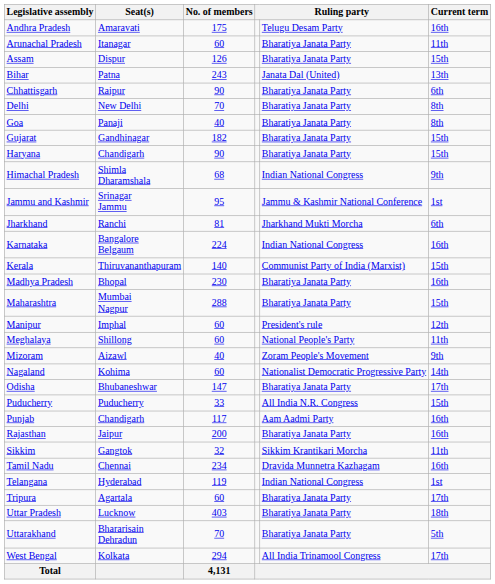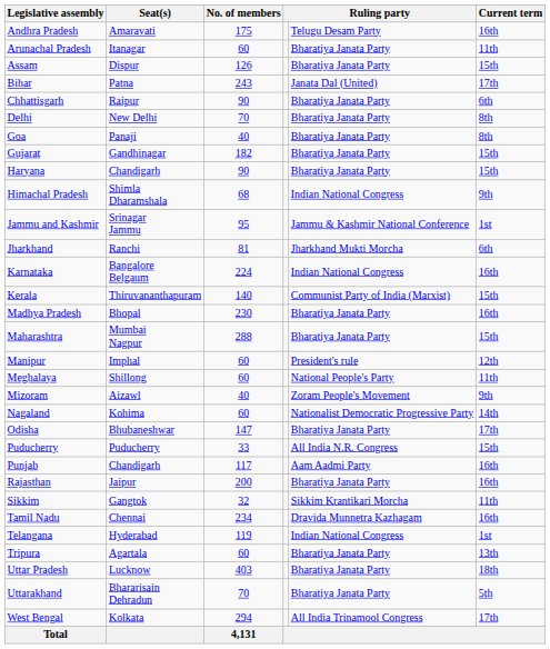 <table class="wikitable sortable" style="text-align:left;"style="font-size: 90%">
 <tr>
 <th>Legislative assembly</th>
 <th>Seat(s)</th>
 <th>No. of members</th>
 <th colspan="2">Ruling party</th>
 <th>Current term</th>
 </tr>
 <tr>
 <td><a href='#'>Andhra Pradesh</a></td>
 <td><a href='#'>Amaravati</a></td>
 <td align="center"><a href='#'>175</a></td>
 <td style="background-color: "></td>
 <td><a href='#'>Telugu Desam Party</a></td>
 <td><a href='#'>16th</a></td>
 </tr>
 <tr>
 <td><a href='#'>Arunachal Pradesh</a></td>
 <td><a href='#'>Itanagar</a></td>
 <td align="center"><a href='#'>60</a></td>
 <td style="background-color: "></td>
 <td><a href='#'>Bharatiya Janata Party</a></td>
 <td><a href='#'>11th</a></td>
 </tr>
 <tr>
 <td><a href='#'>Assam</a></td>
 <td><a href='#'>Dispur</a></td>
 <td align="center"><a href='#'>126</a></td>
 <td style="background-color: "></td>
 <td><a href='#'>Bharatiya Janata Party</a></td>
 <td><a href='#'>15th</a></td>
 </tr>
 <tr>
 <td><a href='#'>Bihar</a></td>
 <td><a href='#'>Patna</a></td>
 <td align="center"><a href='#'>243</a></td>
 <td style="background-color: "></td>
 <td><a href='#'>Janata Dal (United)</a></td>
-<td><a href='#'>13th</a></td>
+<td><a href='#'>17th</a></td>
 </tr>
 <tr>
 <td><a href='#'>Chhattisgarh</a></td>
 <td><a href='#'>Raipur</a></td>
 <td align="center"><a href='#'>90</a></td>
 <td style="background-color: "></td>
 <td><a href='#'>Bharatiya Janata Party</a></td>
 <td><a href='#'>6th</a></td>
 </tr>
 <tr>
 <td><a href='#'>Delhi</a></td>
 <td><a href='#'>New Delhi</a></td>
 <td align="center"><a href='#'>70</a></td>
 <td style="background-color: "></td>
 <td><a href='#'>Bharatiya Janata Party</a></td>
 <td><a href='#'>8th</a></td>
 </tr>
 <tr>
 <td><a href='#'>Goa</a></td>
 <td><a href='#'>Panaji</a></td>
 <td align="center"><a href='#'>40</a></td>
 <td style="background-color: "></td>
 <td><a href='#'>Bharatiya Janata Party</a></td>
 <td><a href='#'>8th</a></td>
 </tr>
 <tr>
 <td><a href='#'>Gujarat</a></td>
 <td><a href='#'>Gandhinagar</a></td>
 <td align="center"><a href='#'>182</a></td>
 <td style="background-color: "></td>
 <td><a href='#'>Bharatiya Janata Party</a></td>
 <td><a href='#'>15th</a></td>
 </tr>
 <tr>
 <td><a href='#'>Haryana</a></td>
 <td><a href='#'>Chandigarh</a></td>
 <td align="center"><a href='#'>90</a></td>
 <td style="background-color: "></td>
 <td><a href='#'>Bharatiya Janata Party</a></td>
 <td><a href='#'>15th</a></td>
 </tr>
 <tr>
 <td><a href='#'>Himachal Pradesh</a></td>
 <td><a href='#'>Shimla</a> <br><a href='#'>Dharamshala</a> </td>
 <td align="center"><a href='#'>68</a></td>
 <td style="background-color: "></td>
 <td><a href='#'>Indian National Congress</a></td>
 <td><a href='#'>9th</a></td>
 </tr>
 <tr>
 <td><a href='#'>Jammu and Kashmir</a></td>
 <td><a href='#'>Srinagar</a> <br><a href='#'>Jammu</a> </td>
 <td align="center"><a href='#'>95</a></td>
 <td style="background-color: "></td>
 <td><a href='#'>Jammu & Kashmir National Conference</a></td>
 <td><a href='#'>1st</a></td>
 </tr>
 <tr>
 <td><a href='#'>Jharkhand</a></td>
 <td><a href='#'>Ranchi</a></td>
 <td align="center"><a href='#'>81</a></td>
 <td style="background-color:  "></td>
 <td><a href='#'>Jharkhand Mukti Morcha</a></td>
 <td><a href='#'>6th</a></td>
 </tr>
 <tr>
 <td><a href='#'>Karnataka</a></td>
 <td><a href='#'>Bangalore</a> <br><a href='#'>Belgaum</a> </td>
 <td align="center"><a href='#'>224</a></td>
 <td style="background-color: "></td>
 <td><a href='#'>Indian National Congress</a></td>
 <td><a href='#'>16th</a></td>
 </tr>
 <tr>
 <td><a href='#'>Kerala</a></td>
 <td><a href='#'>Thiruvananthapuram</a></td>
 <td align="center"><a href='#'>140</a></td>
 <td style="background-color: "></td>
 <td><a href='#'>Communist Party of India (Marxist)</a></td>
 <td><a href='#'>15th</a></td>
 </tr>
 <tr>
 <td><a href='#'>Madhya Pradesh</a></td>
 <td><a href='#'>Bhopal</a></td>
 <td align="center"><a href='#'>230</a></td>
 <td style="background-color: "></td>
 <td><a href='#'>Bharatiya Janata Party</a></td>
 <td><a href='#'>16th</a></td>
 </tr>
 <tr>
 <td><a href='#'>Maharashtra</a></td>
 <td><a href='#'>Mumbai</a> <br><a href='#'>Nagpur</a> </td>
 <td align="center"><a href='#'>288</a></td>
 <td style="background-color: "></td>
 <td><a href='#'>Bharatiya Janata Party</a></td>
 <td><a href='#'>15th</a></td>
 </tr>
 <tr>
 <td><a href='#'>Manipur</a></td>
 <td><a href='#'>Imphal</a></td>
 <td align="center"><a href='#'>60</a></td>
 <td style="background-color: "></td>
 <td><a href='#'>President's rule</a></td>
 <td><a href='#'>12th</a></td>
 </tr>
 <tr>
 <td><a href='#'>Meghalaya</a></td>
 <td><a href='#'>Shillong</a></td>
 <td align="center"><a href='#'>60</a></td>
 <td style="background-color: "></td>
 <td><a href='#'>National People's Party</a></td>
 <td><a href='#'>11th</a></td>
 </tr>
 <tr>
 <td><a href='#'>Mizoram</a></td>
 <td><a href='#'>Aizawl</a></td>
 <td align="center"><a href='#'>40</a></td>
 <td style="background-color: "></td>
 <td><a href='#'>Zoram People's Movement</a></td>
 <td><a href='#'>9th</a></td>
 </tr>
 <tr>
 <td><a href='#'>Nagaland</a></td>
 <td><a href='#'>Kohima</a></td>
 <td align="center"><a href='#'>60</a></td>
 <td style="background-color: "></td>
 <td><a href='#'>Nationalist Democratic Progressive Party</a></td>
 <td><a href='#'>14th</a></td>
 </tr>
 <tr>
 <td><a href='#'>Odisha</a></td>
 <td><a href='#'>Bhubaneshwar</a></td>
 <td align="center"><a href='#'>147</a></td>
 <td style="background-color: "></td>
 <td><a href='#'>Bharatiya Janata Party</a></td>
 <td><a href='#'>17th</a></td>
 </tr>
 <tr>
 <td><a href='#'>Puducherry</a></td>
 <td><a href='#'>Puducherry</a></td>
 <td align="center"><a href='#'>33</a></td>
 <td style="background-color: "></td>
 <td><a href='#'>All India N.R. Congress</a></td>
 <td><a href='#'>15th</a></td>
 </tr>
 <tr>
 <td><a href='#'>Punjab</a></td>
 <td><a href='#'>Chandigarh</a></td>
 <td align="center"><a href='#'>117</a></td>
 <td style="background-color: "></td>
 <td><a href='#'>Aam Aadmi Party</a></td>
 <td><a href='#'>16th</a></td>
 </tr>
 <tr>
 <td><a href='#'>Rajasthan</a></td>
 <td><a href='#'>Jaipur</a></td>
 <td align="center"><a href='#'>200</a></td>
 <td style="background-color: "></td>
 <td><a href='#'>Bharatiya Janata Party</a></td>
 <td><a href='#'>16th</a></td>
 </tr>
 <tr>
 <td><a href='#'>Sikkim</a></td>
 <td><a href='#'>Gangtok</a></td>
 <td align="center"><a href='#'>32</a></td>
 <td style="background-color: "></td>
 <td><a href='#'>Sikkim Krantikari Morcha</a></td>
 <td><a href='#'>11th</a></td>
 </tr>
 <tr>
 <td><a href='#'>Tamil Nadu</a></td>
 <td><a href='#'>Chennai</a></td>
 <td align="center"><a href='#'>234</a></td>
 <td style="background-color: "></td>
 <td><a href='#'>Dravida Munnetra Kazhagam</a></td>
 <td><a href='#'>16th</a></td>
 </tr>
 <tr>
 <td><a href='#'>Telangana</a></td>
 <td><a href='#'>Hyderabad</a></td>
 <td align="center"><a href='#'>119</a></td>
 <td style="background-color: "></td>
 <td><a href='#'>Indian National Congress</a></td>
 <td><a href='#'>1st</a></td>
 </tr>
 <tr>
 <td><a href='#'>Tripura</a></td>
 <td><a href='#'>Agartala</a></td>
 <td align="center"><a href='#'>60</a></td>
 <td style="background-color: "></td>
 <td><a href='#'>Bharatiya Janata Party</a></td>
-<td><a href='#'>17th</a></td>
+<td><a href='#'>13th</a></td>
 </tr>
 <tr>
 <td><a href='#'>Uttar Pradesh</a></td>
 <td><a href='#'>Lucknow</a></td>
 <td align="center"><a href='#'>403</a></td>
 <td style="background-color: "></td>
 <td><a href='#'>Bharatiya Janata Party</a></td>
 <td><a href='#'>18th</a></td>
 </tr>
 <tr>
 <td><a href='#'>Uttarakhand</a></td>
 <td><a href='#'>Bhararisain</a> <br><a href='#'>Dehradun</a> </td>
 <td align="center"><a href='#'>70</a></td>
 <td style="background-color: "></td>
 <td><a href='#'>Bharatiya Janata Party</a></td>
 <td><a href='#'>5th</a></td>
 </tr>
 <tr>
 <td><a href='#'>West Bengal</a></td>
 <td><a href='#'>Kolkata</a></td>
 <td align="center"><a href='#'>294</a></td>
 <td style="background-color: "></td>
 <td><a href='#'>All India Trinamool Congress</a></td>
 <td><a href='#'>17th</a></td>
 </tr>
 <tr>
 <th>Total</th>
 <th></th>
 <th>4,131</th>
 <th colspan="3" style="text-align:center;"></th>
 </tr>
 </table>
